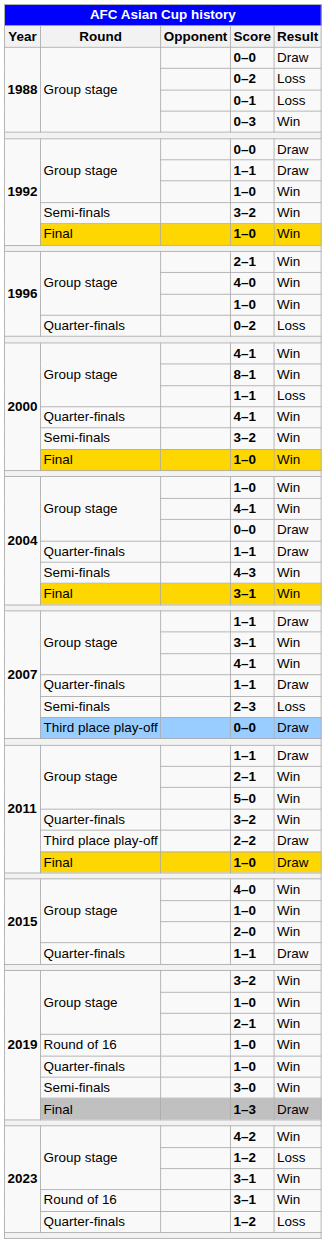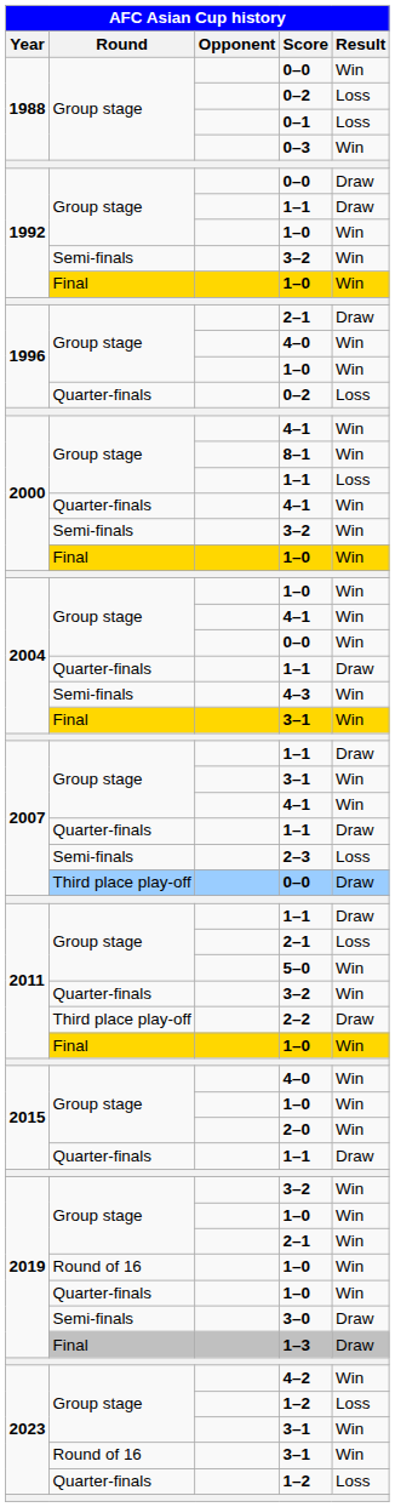 <table class="wikitable collapsible">
 <tr>
 <th colspan="5"style=background:blue;color:white>AFC Asian Cup history</th>
 </tr>
 <tr>
 <th>Year</th>
 <th>Round</th>
 <th>Opponent</th>
 <th>Score</th>
 <th>Result</th>
 </tr>
 <tr>
 <td rowspan="4"><strong>1988</strong></td>
 <td rowspan="4">Group stage</td>
 <td style="text-align:left;"></td>
 <td><strong>0–0</strong></td>
-<td>Draw</td>
+<td>Win</td>
 </tr>
 <tr>
 <td style="text-align:left;"></td>
 <td><strong>0–2</strong></td>
 <td>Loss</td>
 </tr>
 <tr>
 <td style="text-align:left;"></td>
 <td><strong>0–1</strong></td>
 <td>Loss</td>
 </tr>
 <tr>
 <td style="text-align:left;"></td>
 <td><strong>0–3</strong></td>
 <td>Win</td>
 </tr>
 <tr>
 <th colspan="5"></th>
 </tr>
 <tr>
 <td rowspan="5"><strong>1992</strong></td>
 <td rowspan="3">Group stage</td>
 <td style="text-align:left;"></td>
 <td><strong>0–0</strong></td>
 <td>Draw</td>
 </tr>
 <tr>
 <td style="text-align:left;"></td>
 <td><strong>1–1</strong></td>
 <td>Draw</td>
 </tr>
 <tr>
 <td style="text-align:left;"></td>
 <td><strong>1–0</strong></td>
 <td>Win</td>
 </tr>
 <tr>
 <td>Semi-finals</td>
 <td style="text-align:left;"></td>
 <td><strong>3–2</strong></td>
 <td>Win</td>
 </tr>
 <tr style="background:gold;">
 <td>Final</td>
 <td style="text-align:left;"></td>
 <td><strong>1–0</strong></td>
 <td>Win</td>
 </tr>
 <tr>
 <th colspan="5"></th>
 </tr>
 <tr>
 <td rowspan="4"><strong>1996</strong></td>
 <td rowspan="3">Group stage</td>
 <td align="left"></td>
 <td><strong>2–1</strong></td>
-<td>Win</td>
+<td>Draw</td>
 </tr>
 <tr>
 <td style="text-align:left;"></td>
 <td><strong>4–0</strong></td>
 <td>Win</td>
 </tr>
 <tr>
 <td style="text-align:left;"></td>
 <td><strong>1–0</strong></td>
 <td>Win</td>
 </tr>
 <tr>
 <td>Quarter-finals</td>
 <td style="text-align:left;"></td>
 <td><strong>0–2</strong></td>
 <td>Loss</td>
 </tr>
 <tr>
 <th colspan="5"></th>
 </tr>
 <tr>
 <td rowspan="6"><strong>2000</strong></td>
 <td rowspan="3">Group stage</td>
 <td style="text-align:left;"></td>
 <td><strong>4–1</strong></td>
 <td>Win</td>
 </tr>
 <tr>
 <td style="text-align:left;"></td>
 <td><strong>8–1</strong></td>
 <td>Win</td>
 </tr>
 <tr>
 <td style="text-align:left;"></td>
 <td><strong>1–1</strong></td>
 <td>Loss</td>
 </tr>
 <tr>
 <td>Quarter-finals</td>
 <td style="text-align:left;"></td>
 <td><strong>4–1</strong></td>
 <td>Win</td>
 </tr>
 <tr>
 <td>Semi-finals</td>
 <td style="text-align:left;"></td>
 <td><strong>3–2</strong></td>
 <td>Win</td>
 </tr>
 <tr style="background:gold;">
 <td>Final</td>
 <td style="text-align:left;"></td>
 <td><strong>1–0</strong></td>
 <td>Win</td>
 </tr>
 <tr>
 <th colspan="5"></th>
 </tr>
 <tr>
 <td rowspan="6"><strong>2004</strong></td>
 <td rowspan="3">Group stage</td>
 <td style="text-align:left;"></td>
 <td><strong>1–0</strong></td>
 <td>Win</td>
 </tr>
 <tr>
 <td style="text-align:left;"></td>
 <td><strong>4–1</strong></td>
 <td>Win</td>
 </tr>
 <tr>
 <td style="text-align:left;"></td>
 <td><strong>0–0</strong></td>
-<td>Draw</td>
+<td>Win</td>
 </tr>
 <tr>
 <td>Quarter-finals</td>
 <td style="text-align:left;"></td>
 <td><strong>1–1</strong> </td>
 <td>Draw </td>
 </tr>
 <tr>
 <td>Semi-finals</td>
 <td style="text-align:left;"></td>
 <td><strong>4–3</strong></td>
 <td>Win</td>
 </tr>
 <tr style="background:gold;">
 <td>Final</td>
 <td style="text-align:left;"></td>
 <td><strong>3–1</strong></td>
 <td>Win</td>
 </tr>
 <tr>
 <th colspan="5"></th>
 </tr>
 <tr>
 <td rowspan="6"><strong>2007</strong></td>
 <td rowspan="3">Group stage</td>
 <td style="text-align:left;"></td>
 <td><strong>1–1</strong></td>
 <td>Draw</td>
 </tr>
 <tr>
 <td style="text-align:left;"></td>
 <td><strong>3–1</strong></td>
 <td>Win</td>
 </tr>
 <tr>
 <td style="text-align:left;"></td>
 <td><strong>4–1</strong></td>
 <td>Win</td>
 </tr>
 <tr>
 <td>Quarter-finals</td>
 <td style="text-align:left;"></td>
 <td><strong>1–1</strong> </td>
 <td>Draw </td>
 </tr>
 <tr>
 <td>Semi-finals</td>
 <td style="text-align:left;"></td>
 <td><strong>2–3</strong></td>
 <td>Loss</td>
 </tr>
 <tr style="background:#9ACDFF;">
 <td>Third place play-off</td>
 <td style="text-align:left;"></td>
 <td><strong>0–0</strong> </td>
 <td>Draw </td>
 </tr>
 <tr>
 <th colspan="5"></th>
 </tr>
 <tr>
 <td rowspan="6"><strong>2011</strong></td>
 <td rowspan="3">Group stage</td>
 <td style="text-align:left;"></td>
 <td><strong>1–1</strong></td>
 <td>Draw</td>
 </tr>
 <tr>
 <td style="text-align:left;"></td>
 <td><strong>2–1</strong></td>
-<td>Win</td>
+<td>Loss</td>
 </tr>
 <tr>
 <td style="text-align:left;"></td>
 <td><strong>5–0</strong></td>
 <td>Win</td>
 </tr>
 <tr>
 <td>Quarter-finals</td>
 <td style="text-align:left;"></td>
 <td><strong>3–2</strong></td>
 <td>Win</td>
 </tr>
 <tr>
 <td>Third place play-off</td>
 <td style="text-align:left;"></td>
 <td><strong>2–2</strong> </td>
 <td>Draw </td>
 </tr>
 <tr style="background:gold;">
 <td>Final</td>
 <td style="text-align:left;"></td>
 <td><strong>1–0</strong></td>
-<td>Draw</td>
+<td>Win</td>
 </tr>
 <tr>
 <th colspan="5"></th>
 </tr>
 <tr>
 <td rowspan="4"><strong>2015</strong></td>
 <td rowspan="3">Group stage</td>
 <td style="text-align:left;"></td>
 <td><strong>4–0</strong></td>
 <td>Win</td>
 </tr>
 <tr>
 <td style="text-align:left;"></td>
 <td><strong>1–0</strong></td>
 <td>Win</td>
 </tr>
 <tr>
 <td style="text-align:left;"></td>
 <td><strong>2–0</strong></td>
 <td>Win</td>
 </tr>
 <tr>
 <td>Quarter-finals</td>
 <td style="text-align:left;"></td>
 <td><strong>1–1</strong> </td>
 <td>Draw </td>
 </tr>
 <tr>
 <th colspan="5"></th>
 </tr>
 <tr>
 <td rowspan="7"><strong>2019</strong></td>
 <td rowspan="3">Group stage</td>
 <td style="text-align:left;"></td>
 <td><strong>3–2</strong></td>
 <td>Win</td>
 </tr>
 <tr>
 <td style="text-align:left;"></td>
 <td><strong>1–0</strong></td>
 <td>Win</td>
 </tr>
 <tr>
 <td style="text-align:left;"></td>
 <td><strong>2–1</strong></td>
 <td>Win</td>
 </tr>
 <tr>
 <td>Round of 16</td>
 <td style="text-align:left;"></td>
 <td><strong>1–0</strong></td>
 <td>Win</td>
 </tr>
 <tr>
 <td>Quarter-finals</td>
 <td style="text-align:left;"></td>
 <td><strong>1–0</strong></td>
 <td>Win</td>
 </tr>
 <tr>
 <td>Semi-finals</td>
 <td style="text-align:left;"></td>
 <td><strong>3–0</strong></td>
-<td>Win</td>
+<td>Draw</td>
 </tr>
 <tr style="background:silver;">
 <td>Final</td>
 <td style="text-align:left;"></td>
 <td><strong>1–3</strong></td>
 <td>Draw</td>
 </tr>
 <tr>
 <th colspan="5"></th>
 </tr>
 <tr>
 <td rowspan="5"><strong>2023</strong></td>
 <td rowspan="3">Group stage</td>
 <td style="text-align:left;"></td>
 <td><strong>4–2</strong></td>
 <td>Win</td>
 </tr>
 <tr>
 <td style="text-align:left;"></td>
 <td><strong>1–2</strong></td>
 <td>Loss</td>
 </tr>
 <tr>
 <td style="text-align:left;"></td>
 <td><strong>3–1</strong></td>
 <td>Win</td>
 </tr>
 <tr>
 <td>Round of 16</td>
 <td style="text-align:left"></td>
 <td><strong>3–1</strong></td>
 <td>Win</td>
 </tr>
 <tr>
 <td>Quarter-finals</td>
 <td style="text-align:left"></td>
 <td><strong>1–2</strong></td>
 <td>Loss</td>
 </tr>
 <tr>
 <th colspan="5"></th>
 </tr>
 </table>
